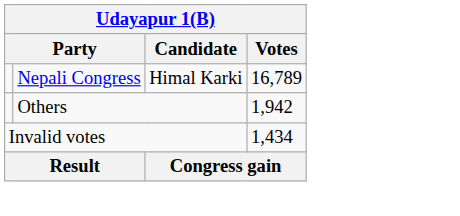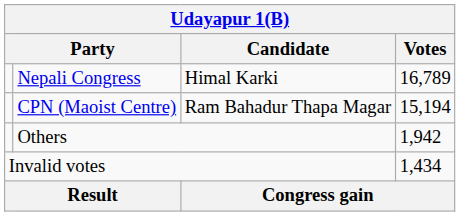 <table class="wikitable">
 <tr>
 <th colspan="4"><a href='#'>Udayapur 1(B)</a></th>
 </tr>
 <tr>
 <th colspan="2">Party</th>
 <th>Candidate</th>
 <th>Votes</th>
 </tr>
 <tr>
 <td style="background-color:"></td>
 <td><a href='#'>Nepali Congress</a></td>
 <td>Himal Karki</td>
 <td>16,789</td>
 </tr>
 <tr>
+<td style="background-color:"></td>
+<td><a href='#'>CPN (Maoist Centre)</a></td>
+<td>Ram Bahadur Thapa Magar</td>
+<td>15,194</td>
+</tr>
+<tr>
 <td></td>
 <td colspan="2">Others</td>
 <td>1,942</td>
 </tr>
 <tr>
 <td colspan="3">Invalid votes</td>
 <td>1,434</td>
 </tr>
 <tr>
 <th colspan="2">Result</th>
 <th colspan="2">Congress gain</th>
 </tr>
 </table>
